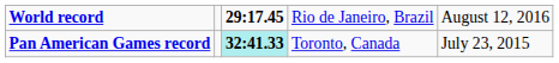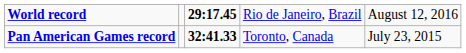 <table class="wikitable">
 <tr>
 <td><strong><a href='#'>World record</a></strong></td>
 <td></td>
 <td><strong>29:17.45</strong></td>
 <td><a href='#'>Rio de Janeiro</a>, <a href='#'>Brazil</a></td>
 <td>August 12, 2016</td>
 </tr>
 <tr>
 <td><strong><a href='#'>Pan American Games record</a></strong></td>
 <td></td>
-<td style="background: paleturquoise;"><strong>32:41.33</strong></td>
+<td><strong>32:41.33</strong></td>
 <td><a href='#'>Toronto</a>, <a href='#'>Canada</a></td>
 <td>July 23, 2015</td>
 </tr>
 </table>
